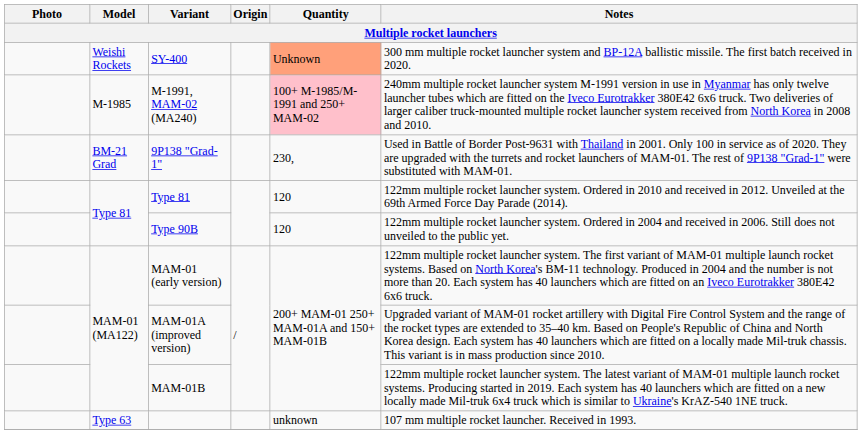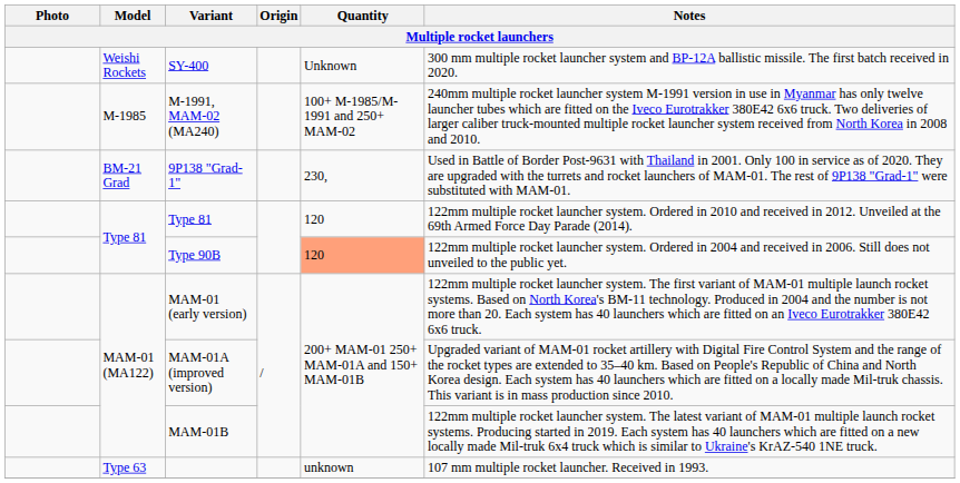 <table class="wikitable" style="width:90%;">
 <tr>
 <th width="10%">Photo</th>
 <th>Model</th>
 <th>Variant</th>
 <th>Origin</th>
 <th>Quantity</th>
 <th>Notes</th>
 </tr>
 <tr>
 <th colspan="7"><a href='#'>Multiple rocket launchers</a></th>
 </tr>
 <tr>
 <td></td>
 <td><a href='#'>Weishi Rockets</a></td>
 <td><a href='#'>SY-400</a></td>
 <td>  </td>
-<td style="background: lightsalmon;">Unknown</td>
+<td>Unknown</td>
 <td>300 mm multiple rocket launcher system and <a href='#'>BP-12A</a> ballistic missile. The first batch received in 2020.</td>
 </tr>
 <tr>
 <td></td>
 <td>M-1985</td>
 <td>M-1991,<br><a href='#'>MAM-02</a><br>(MA240)</td>
 <td><br></td>
-<td style="background: pink;">100+ M-1985/M-1991 and 250+ MAM-02</td>
+<td>100+ M-1985/M-1991 and 250+ MAM-02</td>
 <td>240mm multiple rocket launcher system M-1991 version in use in <a href='#'>Myanmar</a> has only twelve launcher tubes which are fitted on the <a href='#'>Iveco Eurotrakker</a> 380E42 6x6 truck. Two deliveries of larger caliber truck-mounted multiple rocket launcher system received from <a href='#'>North Korea</a> in 2008 and 2010.</td>
 </tr>
 <tr>
 <td></td>
 <td><a href='#'>BM-21 Grad</a></td>
 <td><a href='#'>9P138 "Grad-1"</a></td>
 <td></td>
 <td>230,</td>
 <td>Used in Battle of Border Post-9631 with <a href='#'>Thailand</a> in 2001. Only 100 in service as of 2020. They are upgraded with the turrets and rocket launchers of MAM-01. The rest of <a href='#'>9P138 "Grad-1"</a> were substituted with MAM-01.</td>
 </tr>
 <tr>
 <td></td>
 <td rowspan="2"><a href='#'>Type 81</a></td>
 <td><a href='#'>Type 81</a></td>
 <td rowspan="2">  </td>
 <td>120</td>
 <td>122mm multiple rocket launcher system. Ordered in 2010 and received in 2012. Unveiled at the 69th Armed Force Day Parade (2014).</td>
 </tr>
 <tr>
 <td></td>
 <td><a href='#'>Type 90B</a></td>
-<td>120</td>
+<td style="background: lightsalmon;">120</td>
 <td>122mm multiple rocket launcher system. Ordered in 2004 and received in 2006. Still does not unveiled to the public yet.</td>
 </tr>
 <tr>
 <td></td>
 <td rowspan="3">MAM-01<br>(MA122)</td>
 <td>MAM-01 (early version)</td>
 <td rowspan="3"><br>/ </td>
 <td rowspan="3">200+ MAM-01 250+ MAM-01A and 150+ MAM-01B</td>
 <td>122mm multiple rocket launcher system. The first variant of MAM-01 multiple launch rocket systems. Based on <a href='#'>North Korea</a>'s BM-11 technology. Produced in 2004 and the number is not more than 20. Each system has 40 launchers which are fitted on an <a href='#'>Iveco Eurotrakker</a> 380E42 6x6 truck.</td>
 </tr>
 <tr>
 <td></td>
 <td>MAM-01A (improved version)</td>
 <td>Upgraded variant of MAM-01 rocket artillery with Digital Fire Control System and the range of the rocket types are extended to 35–40 km. Based on People's Republic of China and North Korea design. Each system has 40 launchers which are fitted on a locally made Mil-truk chassis. This variant is in mass production since 2010.</td>
 </tr>
 <tr>
 <td></td>
 <td>MAM-01B</td>
 <td>122mm multiple rocket launcher system. The latest variant of MAM-01 multiple launch rocket systems. Producing started in 2019. Each system has 40 launchers which are fitted on a new locally made Mil-truk 6x4 truck which is similar to <a href='#'>Ukraine</a>'s KrAZ-540 1NE truck.</td>
 </tr>
 <tr>
 <td></td>
 <td><a href='#'>Type 63</a></td>
 <td></td>
 <td></td>
 <td>unknown</td>
 <td>107 mm multiple rocket launcher. Received in 1993.</td>
 </tr>
 <tr>
 </tr>
 </table>
